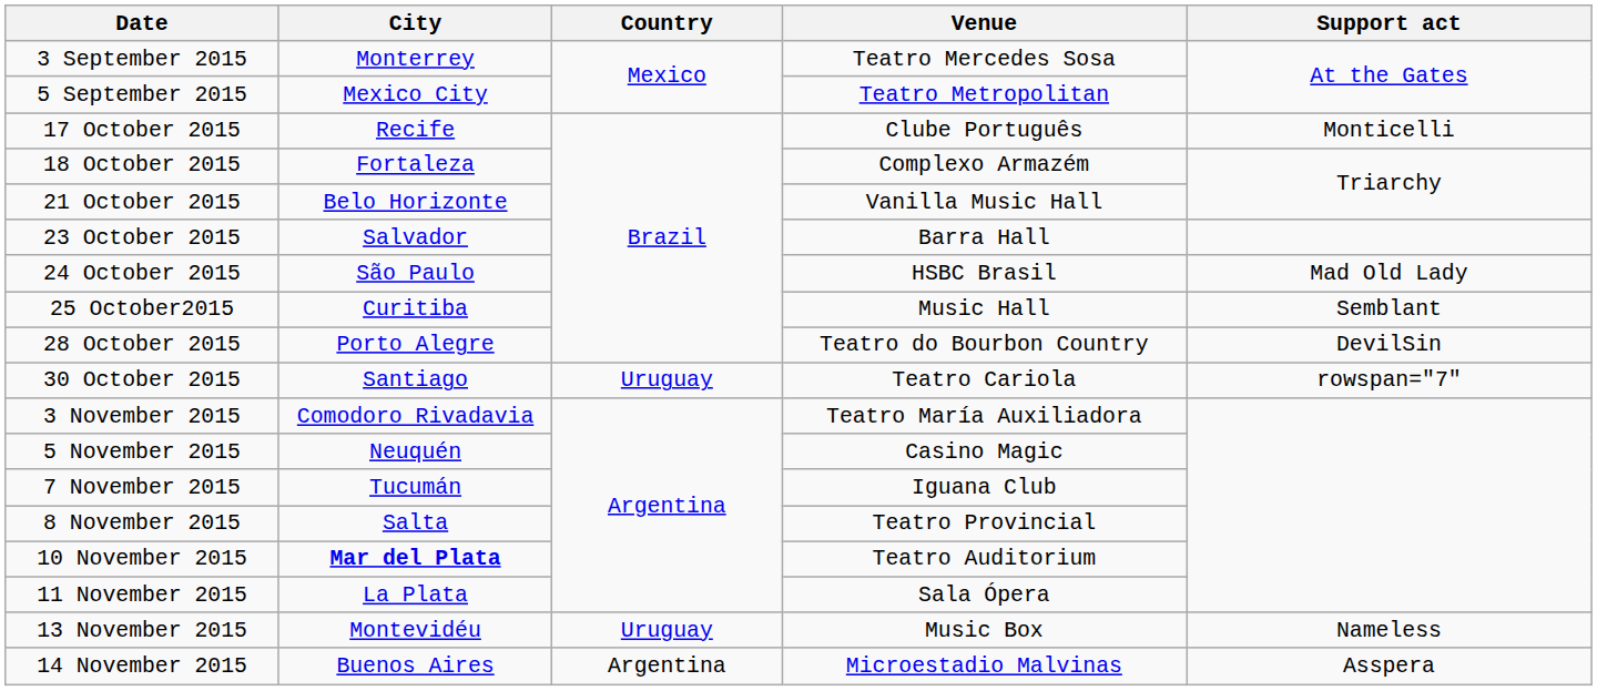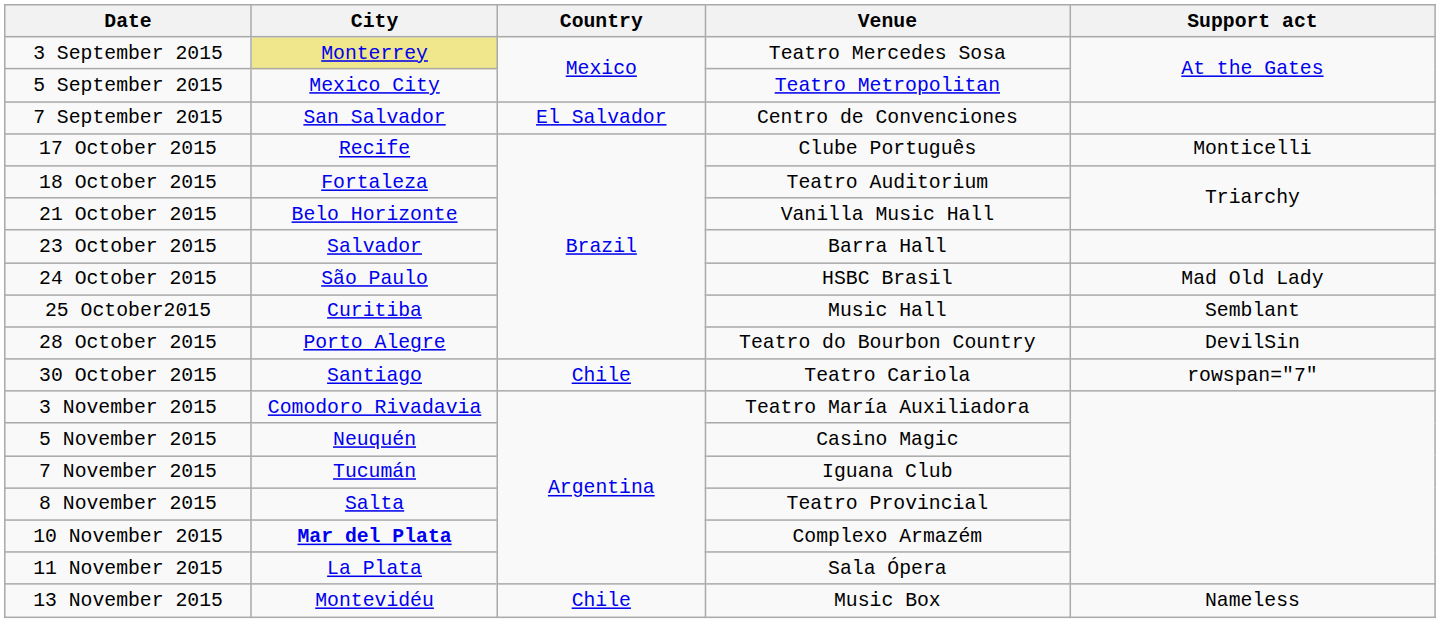 <table class="wikitable plainrowheaders" style="text-align:center;">
 <tr>
 <th scope="col" style="width:12em;">Date</th>
 <th scope="col" style="width:12em;">City</th>
 <th scope="col" style="width:10em;">Country</th>
 <th scope="col" style="width:18em;">Venue</th>
 <th scope="col" style="width:18em;">Support act</th>
 </tr>
 <tr>
 <td style="text-align:center">3 September 2015</td>
-<td style="text-align:center"><a href='#'>Monterrey</a></td>
+<td style="background: khaki; text-align:center"><a href='#'>Monterrey</a></td>
 <td style="text-align:center" rowspan="2"><a href='#'>Mexico</a></td>
 <td style="text-align:center">Teatro Mercedes Sosa</td>
 <td style="text-align:center" rowspan="2"><a href='#'>At the Gates</a></td>
 </tr>
 <tr>
 <td style="text-align:center">5 September 2015</td>
 <td style="text-align:center"><a href='#'>Mexico City</a></td>
 <td style="text-align:center"><a href='#'>Teatro Metropolitan</a></td>
+</tr>
+<tr>
+<td style="text-align:center">7 September 2015</td>
+<td style="text-align:center"><a href='#'>San Salvador</a></td>
+<td style="text-align:center"><a href='#'>El Salvador</a></td>
+<td style="text-align:center">Centro de Convenciones</td>
+<td></td>
 </tr>
 <tr>
 <td style="text-align:center">17 October 2015</td>
 <td style="text-align:center"><a href='#'>Recife</a></td>
 <td style="text-align:center" rowspan="7"><a href='#'>Brazil</a></td>
 <td style="text-align:center">Clube Português</td>
 <td style="text-align:center">Monticelli</td>
 </tr>
 <tr>
 <td style="text-align:center">18 October 2015</td>
 <td style="text-align:center"><a href='#'>Fortaleza</a></td>
-<td style="text-align:center">Complexo Armazém</td>
+<td style="text-align:center">Teatro Auditorium</td>
 <td style="text-align:center" rowspan="2">Triarchy</td>
 </tr>
 <tr>
 <td style="text-align:center">21 October 2015</td>
 <td style="text-align:center"><a href='#'>Belo Horizonte</a></td>
 <td style="text-align:center">Vanilla Music Hall</td>
 </tr>
 <tr>
 <td style="text-align:center">23 October 2015</td>
 <td style="text-align:center"><a href='#'>Salvador</a></td>
 <td style="text-align:center">Barra Hall</td>
 <td></td>
 </tr>
 <tr>
 <td style="text-align:center">24 October 2015</td>
 <td style="text-align:center"><a href='#'>São Paulo</a></td>
 <td style="text-align:center">HSBC Brasil</td>
 <td style="text-align:center">Mad Old Lady</td>
 </tr>
 <tr>
 <td style="text-align:center">25 October2015</td>
 <td style="text-align:center"><a href='#'>Curitiba</a></td>
 <td style="text-align:center">Music Hall</td>
 <td style="text-align:center">Semblant</td>
 </tr>
 <tr>
 <td style="text-align:center">28 October 2015</td>
 <td style="text-align:center"><a href='#'>Porto Alegre</a></td>
 <td style="text-align:center">Teatro do Bourbon Country</td>
 <td style="text-align:center">DevilSin</td>
 </tr>
 <tr>
 <td style="text-align:center">30 October 2015</td>
 <td style="text-align:center"><a href='#'>Santiago</a></td>
-<td style="text-align:center"><a href='#'>Uruguay</a></td>
+<td style="text-align:center"><a href='#'>Chile</a></td>
 <td style="text-align:center">Teatro Cariola</td>
 <td>rowspan="7" </td>
 </tr>
 <tr>
 <td style="text-align:center">3 November 2015</td>
 <td style="text-align:center"><a href='#'>Comodoro Rivadavia</a></td>
 <td style="text-align:center" rowspan="6"><a href='#'>Argentina</a></td>
 <td style="text-align:center">Teatro María Auxiliadora</td>
 </tr>
 <tr>
 <td style="text-align:center">5 November 2015</td>
 <td style="text-align:center"><a href='#'>Neuquén</a></td>
 <td style="text-align:center">Casino Magic</td>
 </tr>
 <tr>
 <td style="text-align:center">7 November 2015</td>
 <td style="text-align:center"><a href='#'>Tucumán</a></td>
 <td style="text-align:center">Iguana Club</td>
 </tr>
 <tr>
 <td style="text-align:center">8 November 2015</td>
 <td style="text-align:center"><a href='#'>Salta</a></td>
 <td style="text-align:center">Teatro Provincial</td>
 </tr>
 <tr>
 <td style="text-align:center">10 November 2015</td>
 <td style="text-align:center"><strong><a href='#'>Mar del Plata</a></strong></td>
-<td style="text-align:center">Teatro Auditorium</td>
+<td style="text-align:center">Complexo Armazém</td>
 </tr>
 <tr>
 <td style="text-align:center">11 November 2015</td>
 <td style="text-align:center"><a href='#'>La Plata</a></td>
 <td style="text-align:center">Sala Ópera</td>
 </tr>
 <tr>
 <td style="text-align:center">13 November 2015</td>
 <td style="text-align:center"><a href='#'>Montevidéu</a></td>
-<td style="text-align:center"><a href='#'>Uruguay</a></td>
+<td style="text-align:center"><a href='#'>Chile</a></td>
 <td style="text-align:center">Music Box</td>
 <td style="text-align:center">Nameless</td>
 </tr>
-<tr>
-<td style="text-align:center">14 November 2015</td>
-<td style="text-align:center"><a href='#'>Buenos Aires</a></td>
-<td style="text-align:center">Argentina</td>
-<td style="text-align:center"><a href='#'>Microestadio Malvinas</a></td>
-<td style="text-align:center">Asspera</td>
-</tr>
 </table>
